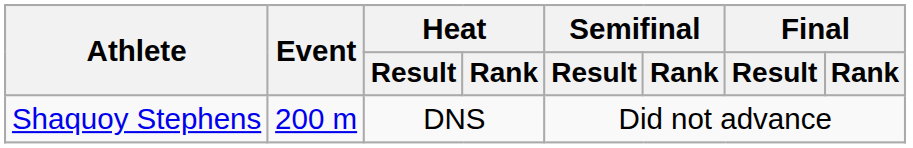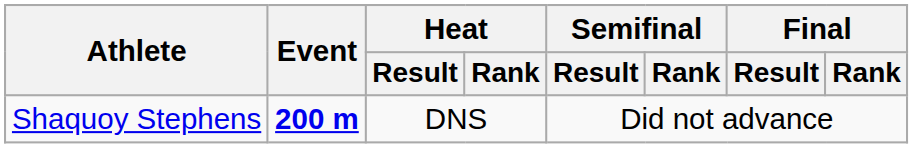 <table class=wikitable style="font-size:90%">
 <tr>
 <th rowspan="2">Athlete</th>
 <th rowspan="2">Event</th>
 <th colspan="2">Heat</th>
 <th colspan="2">Semifinal</th>
 <th colspan="2">Final</th>
 </tr>
 <tr style="font-size:95%">
 <th>Result</th>
 <th>Rank</th>
 <th>Result</th>
 <th>Rank</th>
 <th>Result</th>
 <th>Rank</th>
 </tr>
 <tr align=center>
 <td align=left><a href='#'>Shaquoy Stephens</a></td>
-<td align=left><a href='#'>200 m</a></td>
+<td align=left><strong><a href='#'>200 m</a></strong></td>
 <td colspan=2>DNS</td>
 <td colspan=4>Did not advance</td>
 </tr>
 </table>
